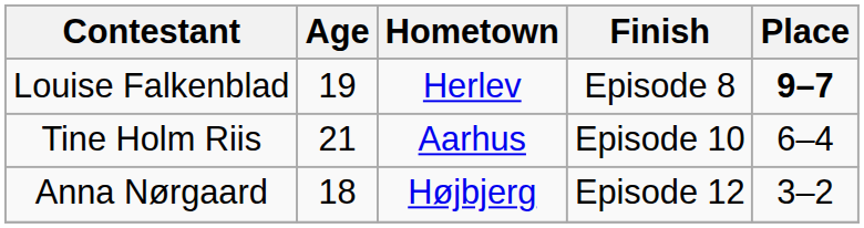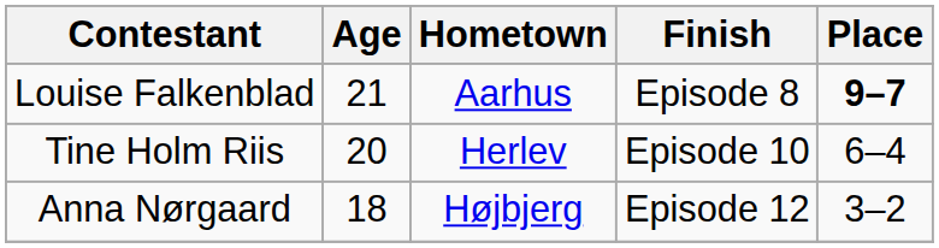 <table class="wikitable" style="text-align:center;">
 <tr>
 <th colspan="1">Contestant</th>
 <th colspan="1">Age</th>
 <th colspan="1">Hometown</th>
 <th>Finish</th>
 <th>Place</th>
 </tr>
 <tr>
 <td>Louise Falkenblad</td>
-<td>19</td>
-<td><a href='#'>Herlev</a></td>
+<td>21</td>
+<td><a href='#'>Aarhus</a></td>
 <td>Episode 8</td>
 <td><strong>9–7</strong></td>
 </tr>
 <tr>
 <td>Tine Holm Riis</td>
-<td>21</td>
-<td><a href='#'>Aarhus</a></td>
+<td>20</td>
+<td><a href='#'>Herlev</a></td>
 <td>Episode 10</td>
 <td>6–4</td>
 </tr>
 <tr>
 <td>Anna Nørgaard</td>
 <td>18</td>
 <td><a href='#'>Højbjerg</a></td>
 <td>Episode 12</td>
 <td>3–2</td>
 </tr>
 <tr>
 </tr>
 </table>
